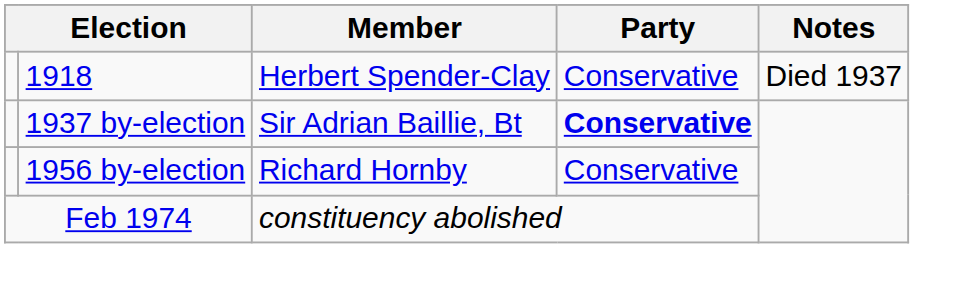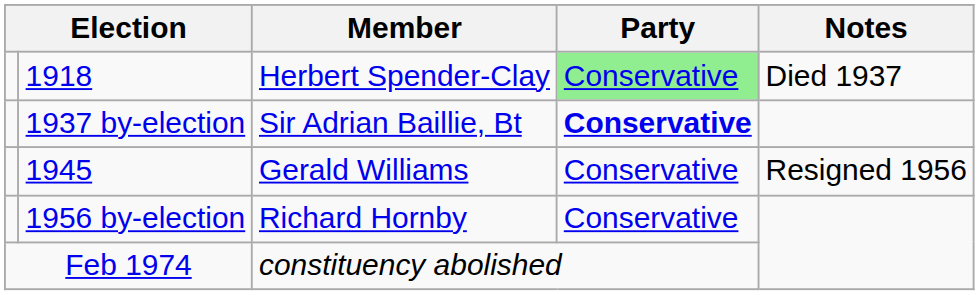 <table class="wikitable">
 <tr>
 <th colspan="2">Election</th>
 <th>Member</th>
 <th>Party</th>
 <th>Notes</th>
 </tr>
 <tr>
 <td style="color:inherit;background-color: "></td>
 <td><a href='#'>1918</a></td>
 <td><a href='#'>Herbert Spender-Clay</a></td>
-<td><a href='#'>Conservative</a></td>
+<td style="background: lightgreen;"><a href='#'>Conservative</a></td>
 <td>Died 1937</td>
 </tr>
 <tr>
 <td style="color:inherit;background-color: "></td>
 <td><a href='#'>1937 by-election</a></td>
 <td><a href='#'>Sir Adrian Baillie, Bt</a></td>
 <td><strong><a href='#'>Conservative</a></strong></td>
+</tr>
+<tr>
+<td style="color:inherit;background-color: "></td>
+<td><a href='#'>1945</a></td>
+<td><a href='#'>Gerald Williams</a></td>
+<td><a href='#'>Conservative</a></td>
+<td>Resigned 1956</td>
 </tr>
 <tr>
 <td style="color:inherit;background-color: "></td>
 <td><a href='#'>1956 by-election</a></td>
 <td><a href='#'>Richard Hornby</a></td>
 <td><a href='#'>Conservative</a></td>
 </tr>
 <tr>
 <td colspan="2" align="center"><a href='#'>Feb 1974</a></td>
 <td colspan="2"><em>constituency abolished</em></td>
 </tr>
 </table>
